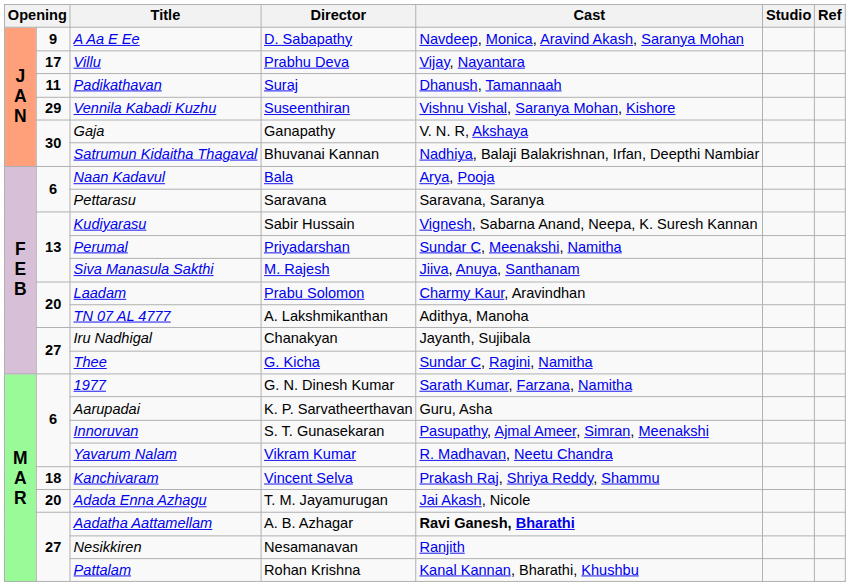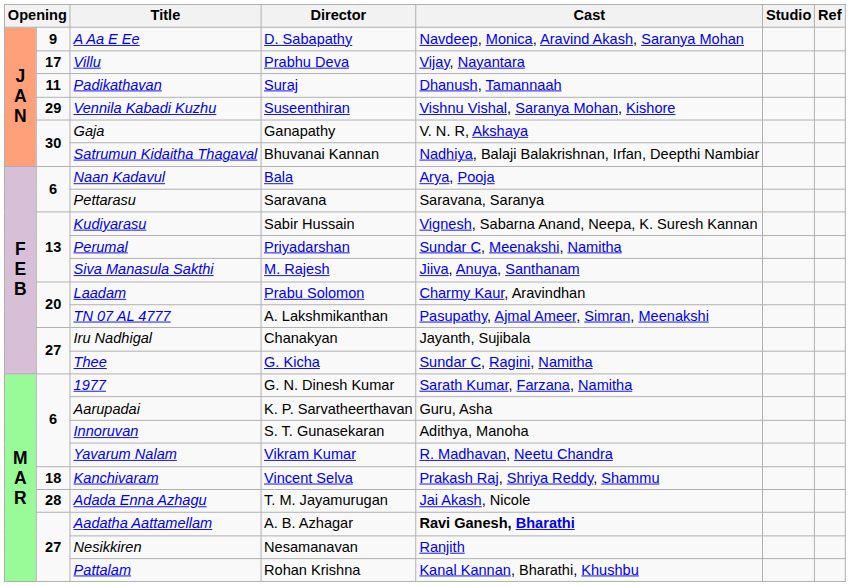 <table class="wikitable">
 <tr>
 <th colspan="2">Opening</th>
 <th>Title</th>
 <th>Director</th>
 <th>Cast</th>
 <th>Studio</th>
 <th>Ref</th>
 </tr>
 <tr January!>
 <td rowspan="6" valign="center" align="center" style="background:#FFA07A; textcolor:#000;"><big><strong>J<br>A<br>N</strong></big></td>
 <td rowspan="1" align="center"><strong>9</strong></td>
 <td><em><a href='#'>A Aa E Ee</a></em></td>
 <td><a href='#'>D. Sabapathy</a></td>
 <td><a href='#'>Navdeep</a>, <a href='#'>Monica</a>, <a href='#'>Aravind Akash</a>, <a href='#'>Saranya Mohan</a></td>
 <td></td>
 <td></td>
 </tr>
 <tr>
 <td rowspan="1" align="center"><strong>17</strong></td>
 <td><em><a href='#'>Villu</a></em></td>
 <td><a href='#'>Prabhu Deva</a></td>
 <td><a href='#'>Vijay</a>, <a href='#'>Nayantara</a></td>
 <td></td>
 <td></td>
 </tr>
 <tr>
 <td align="center"><strong>11</strong></td>
 <td><em><a href='#'>Padikathavan</a></em></td>
 <td><a href='#'>Suraj</a></td>
 <td><a href='#'>Dhanush</a>, <a href='#'>Tamannaah</a></td>
 <td></td>
 <td></td>
 </tr>
 <tr>
 <td rowspan="1" align="center"><strong>29</strong></td>
 <td><em><a href='#'>Vennila Kabadi Kuzhu</a></em></td>
 <td><a href='#'>Suseenthiran</a></td>
 <td><a href='#'>Vishnu Vishal</a>, <a href='#'>Saranya Mohan</a>, <a href='#'>Kishore</a></td>
 <td></td>
 <td></td>
 </tr>
 <tr>
 <td rowspan="2" align="center"><strong>30</strong></td>
 <td><em>Gaja</em></td>
 <td>Ganapathy</td>
 <td>V. N. R, <a href='#'>Akshaya</a></td>
 <td></td>
 <td></td>
 </tr>
 <tr>
 <td><em><a href='#'>Satrumun Kidaitha Thagaval</a></em></td>
 <td>Bhuvanai Kannan</td>
 <td><a href='#'>Nadhiya</a>, Balaji Balakrishnan, Irfan, Deepthi Nambiar</td>
 <td></td>
 <td></td>
 </tr>
 <tr February!>
 <td rowspan="9" valign="center" align="center" style="background:#D8BFD8; textcolor:#000;"><big><strong>F<br>E<br>B</strong></big></td>
 <td rowspan="2" align="center"><strong>6</strong></td>
 <td><em><a href='#'>Naan Kadavul</a></em></td>
 <td><a href='#'>Bala</a></td>
 <td><a href='#'>Arya</a>, <a href='#'>Pooja</a></td>
 <td></td>
 <td></td>
 </tr>
 <tr>
 <td><em>Pettarasu</em></td>
 <td>Saravana</td>
 <td>Saravana, Saranya</td>
 <td></td>
 <td></td>
 </tr>
 <tr>
 <td rowspan="3" align="center"><strong>13</strong></td>
 <td><em><a href='#'>Kudiyarasu</a></em></td>
 <td>Sabir Hussain</td>
 <td><a href='#'>Vignesh</a>, Sabarna Anand, Neepa, K. Suresh Kannan</td>
 <td></td>
 <td></td>
 </tr>
 <tr>
 <td><em><a href='#'>Perumal</a></em></td>
 <td><a href='#'>Priyadarshan</a></td>
 <td><a href='#'>Sundar C</a>, <a href='#'>Meenakshi</a>, <a href='#'>Namitha</a></td>
 <td></td>
 <td></td>
 </tr>
 <tr>
 <td><em><a href='#'>Siva Manasula Sakthi</a></em></td>
 <td><a href='#'>M. Rajesh</a></td>
 <td><a href='#'>Jiiva</a>, <a href='#'>Anuya</a>, <a href='#'>Santhanam</a></td>
 <td></td>
 <td></td>
 </tr>
 <tr>
 <td rowspan="2" align="center"><strong>20</strong></td>
 <td><em><a href='#'>Laadam</a></em></td>
 <td><a href='#'>Prabu Solomon</a></td>
 <td><a href='#'>Charmy Kaur</a>, Aravindhan</td>
 <td></td>
 <td></td>
 </tr>
 <tr>
 <td><em><a href='#'>TN 07 AL 4777</a></em></td>
 <td>A. Lakshmikanthan</td>
-<td>Adithya, Manoha</td>
+<td><a href='#'>Pasupathy</a>, <a href='#'>Ajmal Ameer</a>, <a href='#'>Simran</a>, <a href='#'>Meenakshi</a></td>
 <td></td>
 <td></td>
 </tr>
 <tr>
 <td rowspan="2" align="center"><strong>27</strong></td>
 <td><em>Iru Nadhigal</em></td>
 <td>Chanakyan</td>
 <td>Jayanth, Sujibala</td>
 <td></td>
 <td></td>
 </tr>
 <tr>
 <td><em><a href='#'>Thee</a></em></td>
 <td><a href='#'>G. Kicha</a></td>
 <td><a href='#'>Sundar C</a>, <a href='#'>Ragini</a>, <a href='#'>Namitha</a></td>
 <td></td>
 <td></td>
 </tr>
 <tr March>
 <td rowspan="9" valign="center" align="center" style="background:#98FB98; textcolor:#000;"><big><strong>M<br>A<br>R</strong></big></td>
 <td rowspan="4" align="center"><strong>6</strong></td>
 <td><em><a href='#'>1977</a></em></td>
 <td>G. N. Dinesh Kumar</td>
 <td><a href='#'>Sarath Kumar</a>, <a href='#'>Farzana</a>, <a href='#'>Namitha</a></td>
 <td></td>
 <td></td>
 </tr>
 <tr>
 <td><em>Aarupadai</em></td>
 <td>K. P. Sarvatheerthavan</td>
 <td>Guru, Asha</td>
 <td></td>
 <td></td>
 </tr>
 <tr>
 <td><em><a href='#'>Innoruvan</a></em></td>
 <td>S. T. Gunasekaran</td>
-<td><a href='#'>Pasupathy</a>, <a href='#'>Ajmal Ameer</a>, <a href='#'>Simran</a>, <a href='#'>Meenakshi</a></td>
+<td>Adithya, Manoha</td>
 <td></td>
 <td></td>
 </tr>
 <tr>
 <td><em><a href='#'>Yavarum Nalam</a></em></td>
 <td><a href='#'>Vikram Kumar</a></td>
 <td><a href='#'>R. Madhavan</a>, <a href='#'>Neetu Chandra</a></td>
 <td></td>
 <td></td>
 </tr>
 <tr>
 <td rowspan="1" align="center"><strong>18</strong></td>
 <td><em><a href='#'>Kanchivaram</a></em></td>
 <td><a href='#'>Vincent Selva</a></td>
 <td><a href='#'>Prakash Raj</a>, <a href='#'>Shriya Reddy</a>, <a href='#'>Shammu</a></td>
 <td></td>
 <td></td>
 </tr>
 <tr>
-<td rowspan="1" align="center"><strong>20</strong></td>
+<td rowspan="1" align="center"><strong>28</strong></td>
 <td><em><a href='#'>Adada Enna Azhagu</a></em></td>
 <td>T. M. Jayamurugan</td>
 <td><a href='#'>Jai Akash</a>, Nicole</td>
 <td></td>
 <td></td>
 </tr>
 <tr>
 <td rowspan="3" align="center"><strong>27</strong></td>
 <td><em><a href='#'>Aadatha Aattamellam</a></em></td>
 <td>A. B. Azhagar</td>
 <td><strong>Ravi Ganesh, <a href='#'>Bharathi</a></strong></td>
 <td></td>
 <td></td>
 </tr>
 <tr>
 <td><em>Nesikkiren</em></td>
 <td>Nesamanavan</td>
 <td><a href='#'>Ranjith</a></td>
 <td></td>
 <td></td>
 </tr>
 <tr>
 <td><em><a href='#'>Pattalam</a></em></td>
 <td>Rohan Krishna</td>
 <td><a href='#'>Kanal Kannan</a>, Bharathi, <a href='#'>Khushbu</a></td>
 <td></td>
 <td></td>
 </tr>
 </table>
